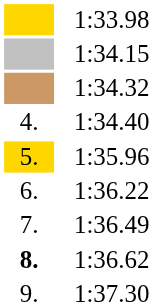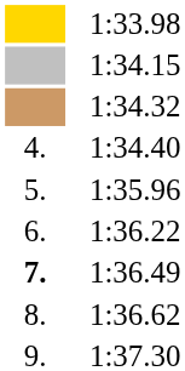 <table style="text-align:center">
 <tr>
 <td width=30 bgcolor=gold></td>
 <td align=left></td>
 <td width=60>1:33.98</td>
 </tr>
 <tr>
 <td bgcolor=silver></td>
 <td align=left></td>
 <td>1:34.15</td>
 </tr>
 <tr>
 <td bgcolor=cc9966></td>
 <td align=left></td>
 <td>1:34.32</td>
 </tr>
 <tr>
 <td>4.</td>
 <td align=left></td>
 <td>1:34.40</td>
 </tr>
 <tr>
-<td style="background: gold;">5.</td>
+<td>5.</td>
 <td align=left></td>
 <td>1:35.96</td>
 </tr>
 <tr>
 <td>6.</td>
 <td align=left></td>
 <td>1:36.22</td>
 </tr>
 <tr>
-<td>7.</td>
+<td><strong>7.</strong></td>
 <td align=left></td>
 <td>1:36.49</td>
 </tr>
 <tr>
-<td><strong>8.</strong></td>
+<td>8.</td>
 <td align=left></td>
 <td>1:36.62</td>
 </tr>
 <tr>
 <td>9.</td>
 <td align=left></td>
 <td>1:37.30</td>
 </tr>
 </table>
